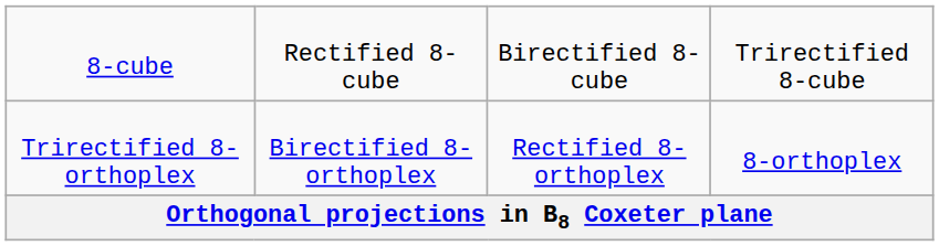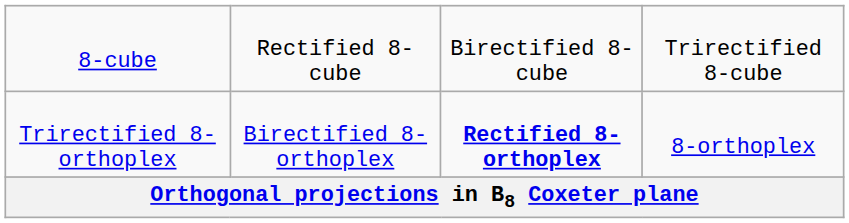 <table class=wikitable align=right width=500 style="margin-left:1em;">
 <tr align=center>
 <td><br><a href='#'>8-cube</a><br></td>
 <td><br>Rectified 8-cube<br></td>
 <td><br>Birectified 8-cube<br></td>
 <td><br>Trirectified 8-cube<br></td>
 </tr>
 <tr align=center>
 <td><br><a href='#'>Trirectified 8-orthoplex</a><br></td>
 <td><br><a href='#'>Birectified 8-orthoplex</a><br></td>
-<td><br><a href='#'>Rectified 8-orthoplex</a><br></td>
+<td><strong><br><a href='#'>Rectified 8-orthoplex</a><br></strong></td>
 <td><br><a href='#'>8-orthoplex</a><br></td>
 </tr>
 <tr>
 <th colspan=4><a href='#'>Orthogonal projections</a> in B<sub>8</sub> <a href='#'>Coxeter plane</a></th>
 </tr>
 </table>
